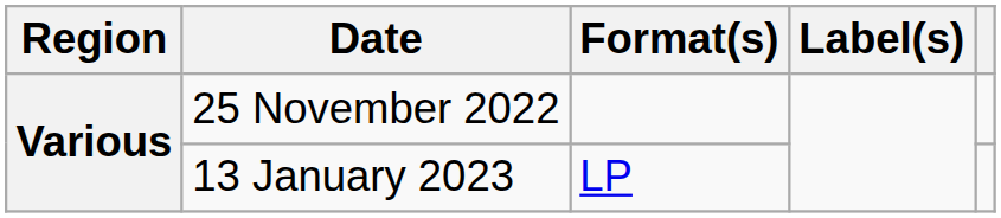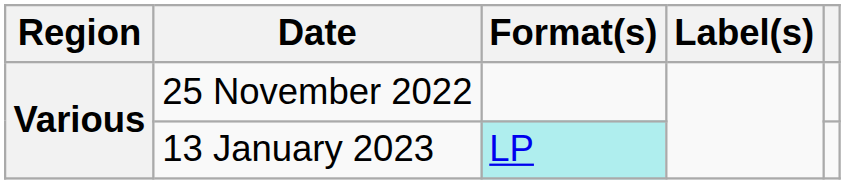 <table class="wikitable plainrowheaders">
 <tr>
 <th scope="col">Region</th>
 <th scope="col">Date</th>
 <th scope="col">Format(s)</th>
 <th scope="col">Label(s)</th>
 <th scope="col"></th>
 </tr>
 <tr>
 <th scope="row" rowspan="2">Various</th>
 <td>25 November 2022</td>
 <td></td>
 <td rowspan="2"></td>
 <td></td>
 </tr>
 <tr>
 <td>13 January 2023</td>
-<td><a href='#'>LP</a></td>
+<td style="background: paleturquoise;"><a href='#'>LP</a></td>
 <td></td>
 </tr>
 </table>
